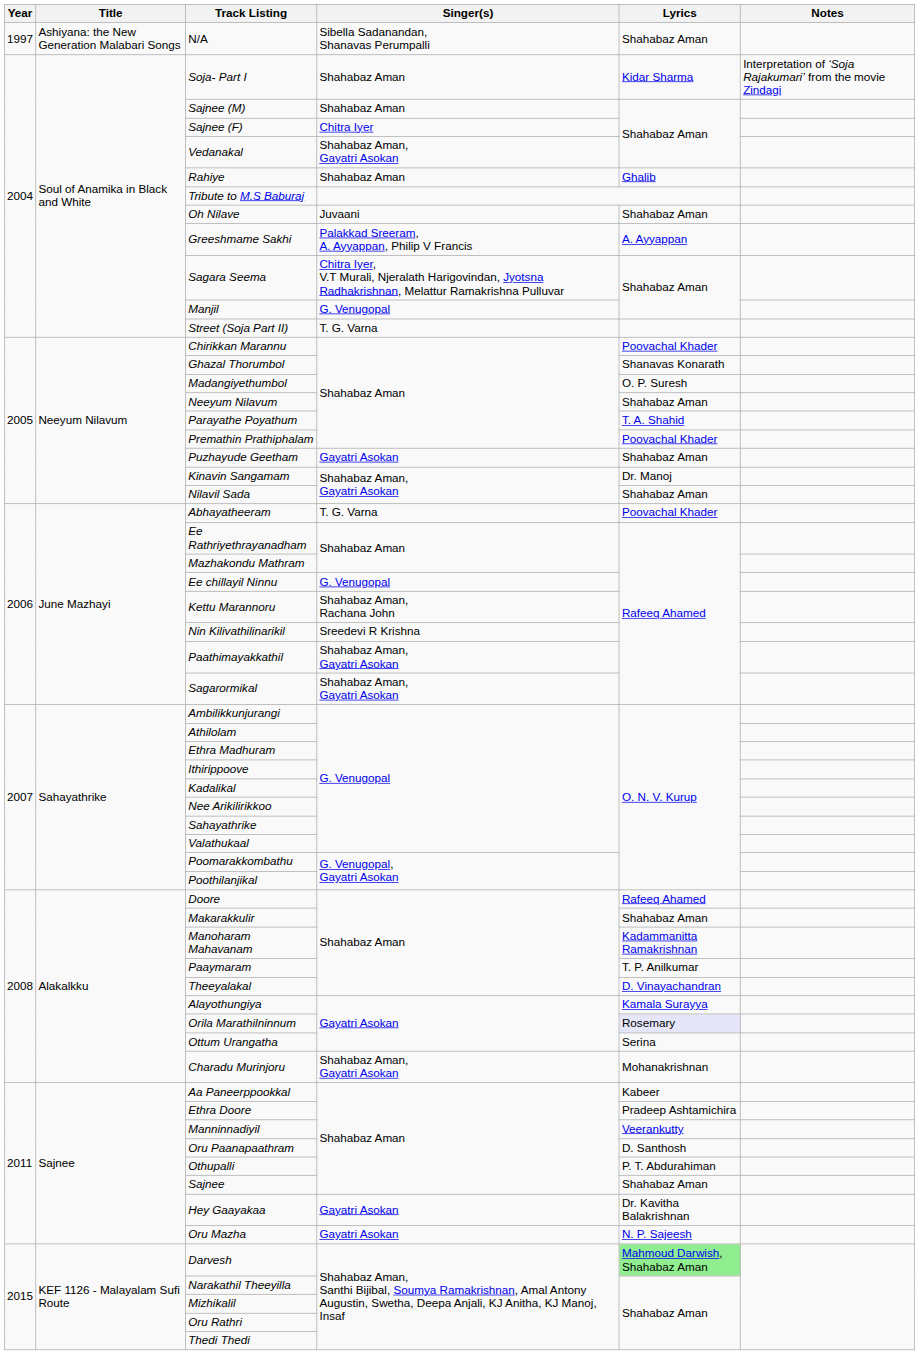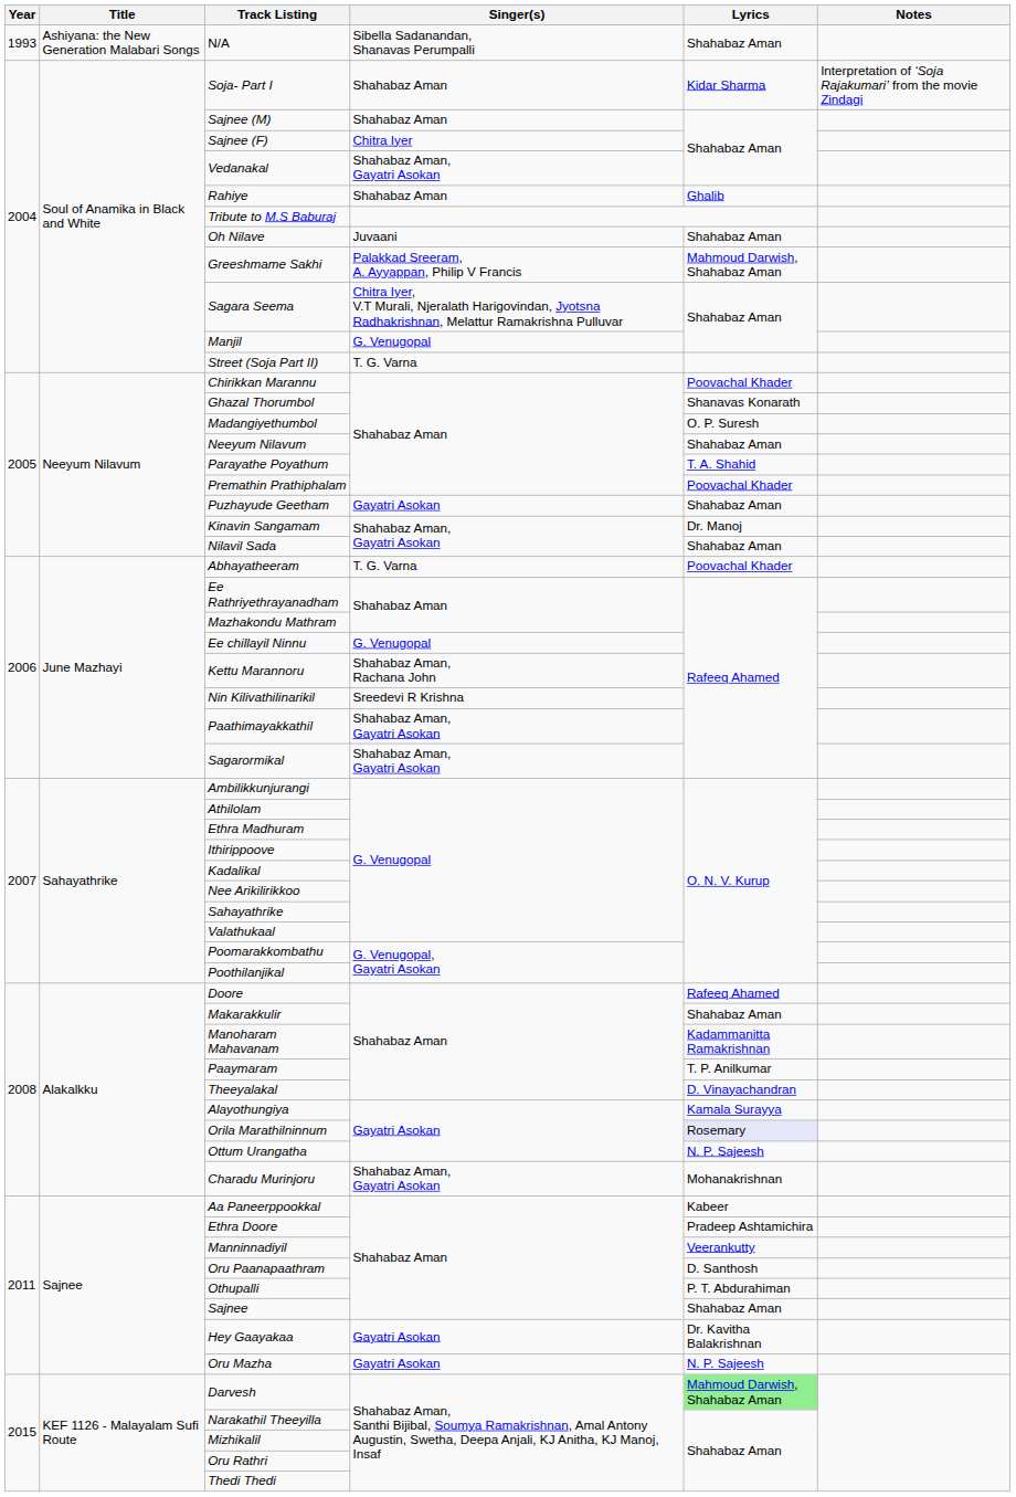 <table class="wikitable">
 <tr>
 <th>Year</th>
 <th>Title</th>
 <th>Track Listing</th>
 <th>Singer(s)</th>
 <th>Lyrics</th>
 <th>Notes</th>
 </tr>
 <tr>
-<td>1997</td>
+<td>1993</td>
 <td>Ashiyana: the New Generation Malabari Songs</td>
 <td>N/A</td>
 <td>Sibella Sadanandan,<br>Shanavas  Perumpalli</td>
 <td>Shahabaz Aman</td>
 <td></td>
 </tr>
 <tr>
 <td rowspan="11">2004</td>
 <td rowspan="11">Soul of Anamika in Black and White</td>
 <td><em>Soja- Part I</em></td>
 <td>Shahabaz Aman</td>
 <td><a href='#'>Kidar Sharma</a></td>
 <td>Interpretation of <em>‘Soja Rajakumari’</em> from the movie <a href='#'>Zindagi</a></td>
 </tr>
 <tr>
 <td><em>Sajnee (M)</em></td>
 <td>Shahabaz Aman</td>
 <td rowspan="3">Shahabaz Aman</td>
 <td></td>
 </tr>
 <tr>
 <td><em>Sajnee (F)</em></td>
 <td><a href='#'>Chitra Iyer</a></td>
 <td></td>
 </tr>
 <tr>
 <td><em>Vedanakal</em></td>
 <td>Shahabaz Aman,<br><a href='#'>Gayatri Asokan</a></td>
 <td></td>
 </tr>
 <tr>
 <td><em>Rahiye</em></td>
 <td>Shahabaz Aman</td>
 <td><a href='#'>Ghalib</a></td>
 <td></td>
 </tr>
 <tr>
 <td><em>Tribute to <a href='#'>M.S Baburaj</a></em></td>
 <td colspan="2"></td>
 <td></td>
 </tr>
 <tr>
 <td><em>Oh Nilave</em></td>
 <td>Juvaani</td>
 <td>Shahabaz Aman</td>
 <td></td>
 </tr>
 <tr>
 <td><em>Greeshmame Sakhi</em></td>
 <td><a href='#'>Palakkad Sreeram</a>,<br><a href='#'>A. Ayyappan</a>, Philip V Francis</td>
-<td><a href='#'>A. Ayyappan</a></td>
+<td><a href='#'>Mahmoud Darwish</a>,<br>Shahabaz Aman</td>
 <td></td>
 </tr>
 <tr>
 <td><em>Sagara Seema</em></td>
 <td><a href='#'>Chitra Iyer</a>,<br>V.T Murali, Njeralath Harigovindan, <a href='#'>Jyotsna Radhakrishnan</a>, Melattur Ramakrishna Pulluvar</td>
 <td rowspan="2">Shahabaz Aman</td>
 <td></td>
 </tr>
 <tr>
 <td><em>Manjil</em></td>
 <td><a href='#'>G. Venugopal</a></td>
 <td></td>
 </tr>
 <tr>
 <td><em>Street  (Soja Part II)</em></td>
 <td>T. G. Varna</td>
 <td></td>
 <td></td>
 </tr>
 <tr>
 <td rowspan="9">2005</td>
 <td rowspan="9">Neeyum Nilavum</td>
 <td><em>Chirikkan Marannu</em></td>
 <td rowspan="6">Shahabaz Aman</td>
 <td><a href='#'>Poovachal Khader</a></td>
 <td></td>
 </tr>
 <tr>
 <td><em>Ghazal Thorumbol</em></td>
 <td>Shanavas Konarath</td>
 <td></td>
 </tr>
 <tr>
 <td><em>Madangiyethumbol</em></td>
 <td>O. P. Suresh</td>
 <td></td>
 </tr>
 <tr>
 <td><em>Neeyum Nilavum</em></td>
 <td>Shahabaz Aman</td>
 <td></td>
 </tr>
 <tr>
 <td><em>Parayathe Poyathum</em></td>
 <td><a href='#'>T. A. Shahid</a></td>
 <td></td>
 </tr>
 <tr>
 <td><em>Premathin Prathiphalam</em></td>
 <td><a href='#'>Poovachal Khader</a></td>
 <td></td>
 </tr>
 <tr>
 <td><em>Puzhayude Geetham</em></td>
 <td><a href='#'>Gayatri Asokan</a></td>
 <td>Shahabaz Aman</td>
 <td></td>
 </tr>
 <tr>
 <td><em>Kinavin Sangamam</em></td>
 <td rowspan="2">Shahabaz Aman,<br><a href='#'>Gayatri Asokan</a></td>
 <td>Dr. Manoj</td>
 <td></td>
 </tr>
 <tr>
 <td><em>Nilavil Sada</em></td>
 <td>Shahabaz Aman</td>
 <td></td>
 </tr>
 <tr>
 <td rowspan="8">2006</td>
 <td rowspan="8">June Mazhayi</td>
 <td><em>Abhayatheeram</em></td>
 <td>T. G. Varna</td>
 <td><a href='#'>Poovachal Khader</a></td>
 <td></td>
 </tr>
 <tr>
 <td><em>Ee Rathriyethrayanadham</em></td>
 <td rowspan="2">Shahabaz Aman</td>
 <td rowspan="7"><a href='#'>Rafeeq Ahamed</a></td>
 <td></td>
 </tr>
 <tr>
 <td><em>Mazhakondu Mathram</em></td>
 <td></td>
 </tr>
 <tr>
 <td><em>Ee chillayil Ninnu</em></td>
 <td><a href='#'>G. Venugopal</a></td>
 <td></td>
 </tr>
 <tr>
 <td><em>Kettu Marannoru</em></td>
 <td>Shahabaz Aman,<br>Rachana John</td>
 <td></td>
 </tr>
 <tr>
 <td><em>Nin Kilivathilinarikil</em></td>
 <td>Sreedevi R Krishna</td>
 <td></td>
 </tr>
 <tr>
 <td><em>Paathimayakkathil</em></td>
 <td>Shahabaz Aman,<br><a href='#'>Gayatri Asokan</a></td>
 <td></td>
 </tr>
 <tr>
 <td><em>Sagarormikal</em></td>
 <td>Shahabaz Aman,<br><a href='#'>Gayatri Asokan</a></td>
 <td></td>
 </tr>
 <tr>
 <td rowspan="10">2007</td>
 <td rowspan="10">Sahayathrike</td>
 <td><em>Ambilikkunjurangi</em></td>
 <td rowspan="8"><a href='#'>G. Venugopal</a></td>
 <td rowspan="10"><a href='#'>O. N. V. Kurup</a></td>
 <td></td>
 </tr>
 <tr>
 <td><em>Athilolam</em></td>
 <td></td>
 </tr>
 <tr>
 <td><em>Ethra Madhuram</em></td>
 <td></td>
 </tr>
 <tr>
 <td><em>Ithirippoove</em></td>
 <td></td>
 </tr>
 <tr>
 <td><em>Kadalikal</em></td>
 <td></td>
 </tr>
 <tr>
 <td><em>Nee Arikilirikkoo</em></td>
 <td></td>
 </tr>
 <tr>
 <td><em>Sahayathrike</em></td>
 <td></td>
 </tr>
 <tr>
 <td><em>Valathukaal</em></td>
 <td></td>
 </tr>
 <tr>
 <td><em>Poomarakkombathu</em></td>
 <td rowspan="2"><a href='#'>G. Venugopal</a>,<br><a href='#'>Gayatri Asokan</a></td>
 <td></td>
 </tr>
 <tr>
 <td><em>Poothilanjikal</em></td>
 <td></td>
 </tr>
 <tr>
 <td rowspan="9">2008</td>
 <td rowspan="9">Alakalkku</td>
 <td><em>Doore</em></td>
 <td rowspan="5">Shahabaz Aman</td>
 <td><a href='#'>Rafeeq Ahamed</a></td>
 <td></td>
 </tr>
 <tr>
 <td><em>Makarakkulir</em></td>
 <td>Shahabaz Aman</td>
 <td></td>
 </tr>
 <tr>
 <td><em>Manoharam Mahavanam</em></td>
 <td><a href='#'>Kadammanitta Ramakrishnan</a></td>
 <td></td>
 </tr>
 <tr>
 <td><em>Paaymaram</em></td>
 <td>T. P. Anilkumar</td>
 <td></td>
 </tr>
 <tr>
 <td><em>Theeyalakal</em></td>
 <td><a href='#'>D. Vinayachandran</a></td>
 <td></td>
 </tr>
 <tr>
 <td><em>Alayothungiya</em></td>
 <td rowspan="3"><a href='#'>Gayatri Asokan</a></td>
 <td><a href='#'>Kamala Surayya</a></td>
 <td></td>
 </tr>
 <tr>
 <td><em>Orila Marathilninnum</em></td>
 <td style="background: lavender;">Rosemary</td>
 <td></td>
 </tr>
 <tr>
 <td><em>Ottum Urangatha</em></td>
-<td>Serina</td>
+<td><a href='#'>N. P. Sajeesh</a></td>
 <td></td>
 </tr>
 <tr>
 <td><em>Charadu Murinjoru</em></td>
 <td>Shahabaz Aman,<br><a href='#'>Gayatri Asokan</a></td>
 <td>Mohanakrishnan</td>
 <td></td>
 </tr>
 <tr>
 <td rowspan="8">2011</td>
 <td rowspan="8">Sajnee</td>
 <td><em>Aa Paneerppookkal</em></td>
 <td rowspan="6">Shahabaz Aman</td>
 <td>Kabeer</td>
 <td></td>
 </tr>
 <tr>
 <td><em>Ethra Doore</em></td>
 <td>Pradeep Ashtamichira</td>
 <td></td>
 </tr>
 <tr>
 <td><em>Manninnadiyil</em></td>
 <td><a href='#'>Veerankutty</a></td>
 <td></td>
 </tr>
 <tr>
 <td><em>Oru Paanapaathram</em></td>
 <td>D. Santhosh</td>
 <td></td>
 </tr>
 <tr>
 <td><em>Othupalli</em></td>
 <td>P. T. Abdurahiman</td>
 <td></td>
 </tr>
 <tr>
 <td><em>Sajnee</em></td>
 <td>Shahabaz Aman</td>
 <td></td>
 </tr>
 <tr>
 <td><em>Hey Gaayakaa</em></td>
 <td><a href='#'>Gayatri Asokan</a></td>
 <td>Dr. Kavitha Balakrishnan</td>
 <td></td>
 </tr>
 <tr>
 <td><em>Oru Mazha</em></td>
 <td><a href='#'>Gayatri Asokan</a></td>
 <td><a href='#'>N. P. Sajeesh</a></td>
 <td></td>
 </tr>
 <tr>
 <td rowspan="5">2015</td>
 <td rowspan="5">KEF 1126 - Malayalam Sufi Route</td>
 <td><em>Darvesh</em></td>
 <td rowspan="5">Shahabaz Aman,<br>Santhi Bijibal, <a href='#'>Soumya Ramakrishnan</a>, Amal Antony Augustin, Swetha, Deepa Anjali, KJ Anitha, KJ Manoj, Insaf</td>
 <td style="background: lightgreen;"><a href='#'>Mahmoud Darwish</a>,<br>Shahabaz Aman</td>
 <td rowspan="5"></td>
 </tr>
 <tr>
 <td><em>Narakathil Theeyilla</em></td>
 <td rowspan="4">Shahabaz Aman</td>
 </tr>
 <tr>
 <td><em>Mizhikalil</em></td>
 </tr>
 <tr>
 <td><em>Oru Rathri</em></td>
 </tr>
 <tr>
 <td><em>Thedi Thedi</em></td>
 </tr>
 </table>
